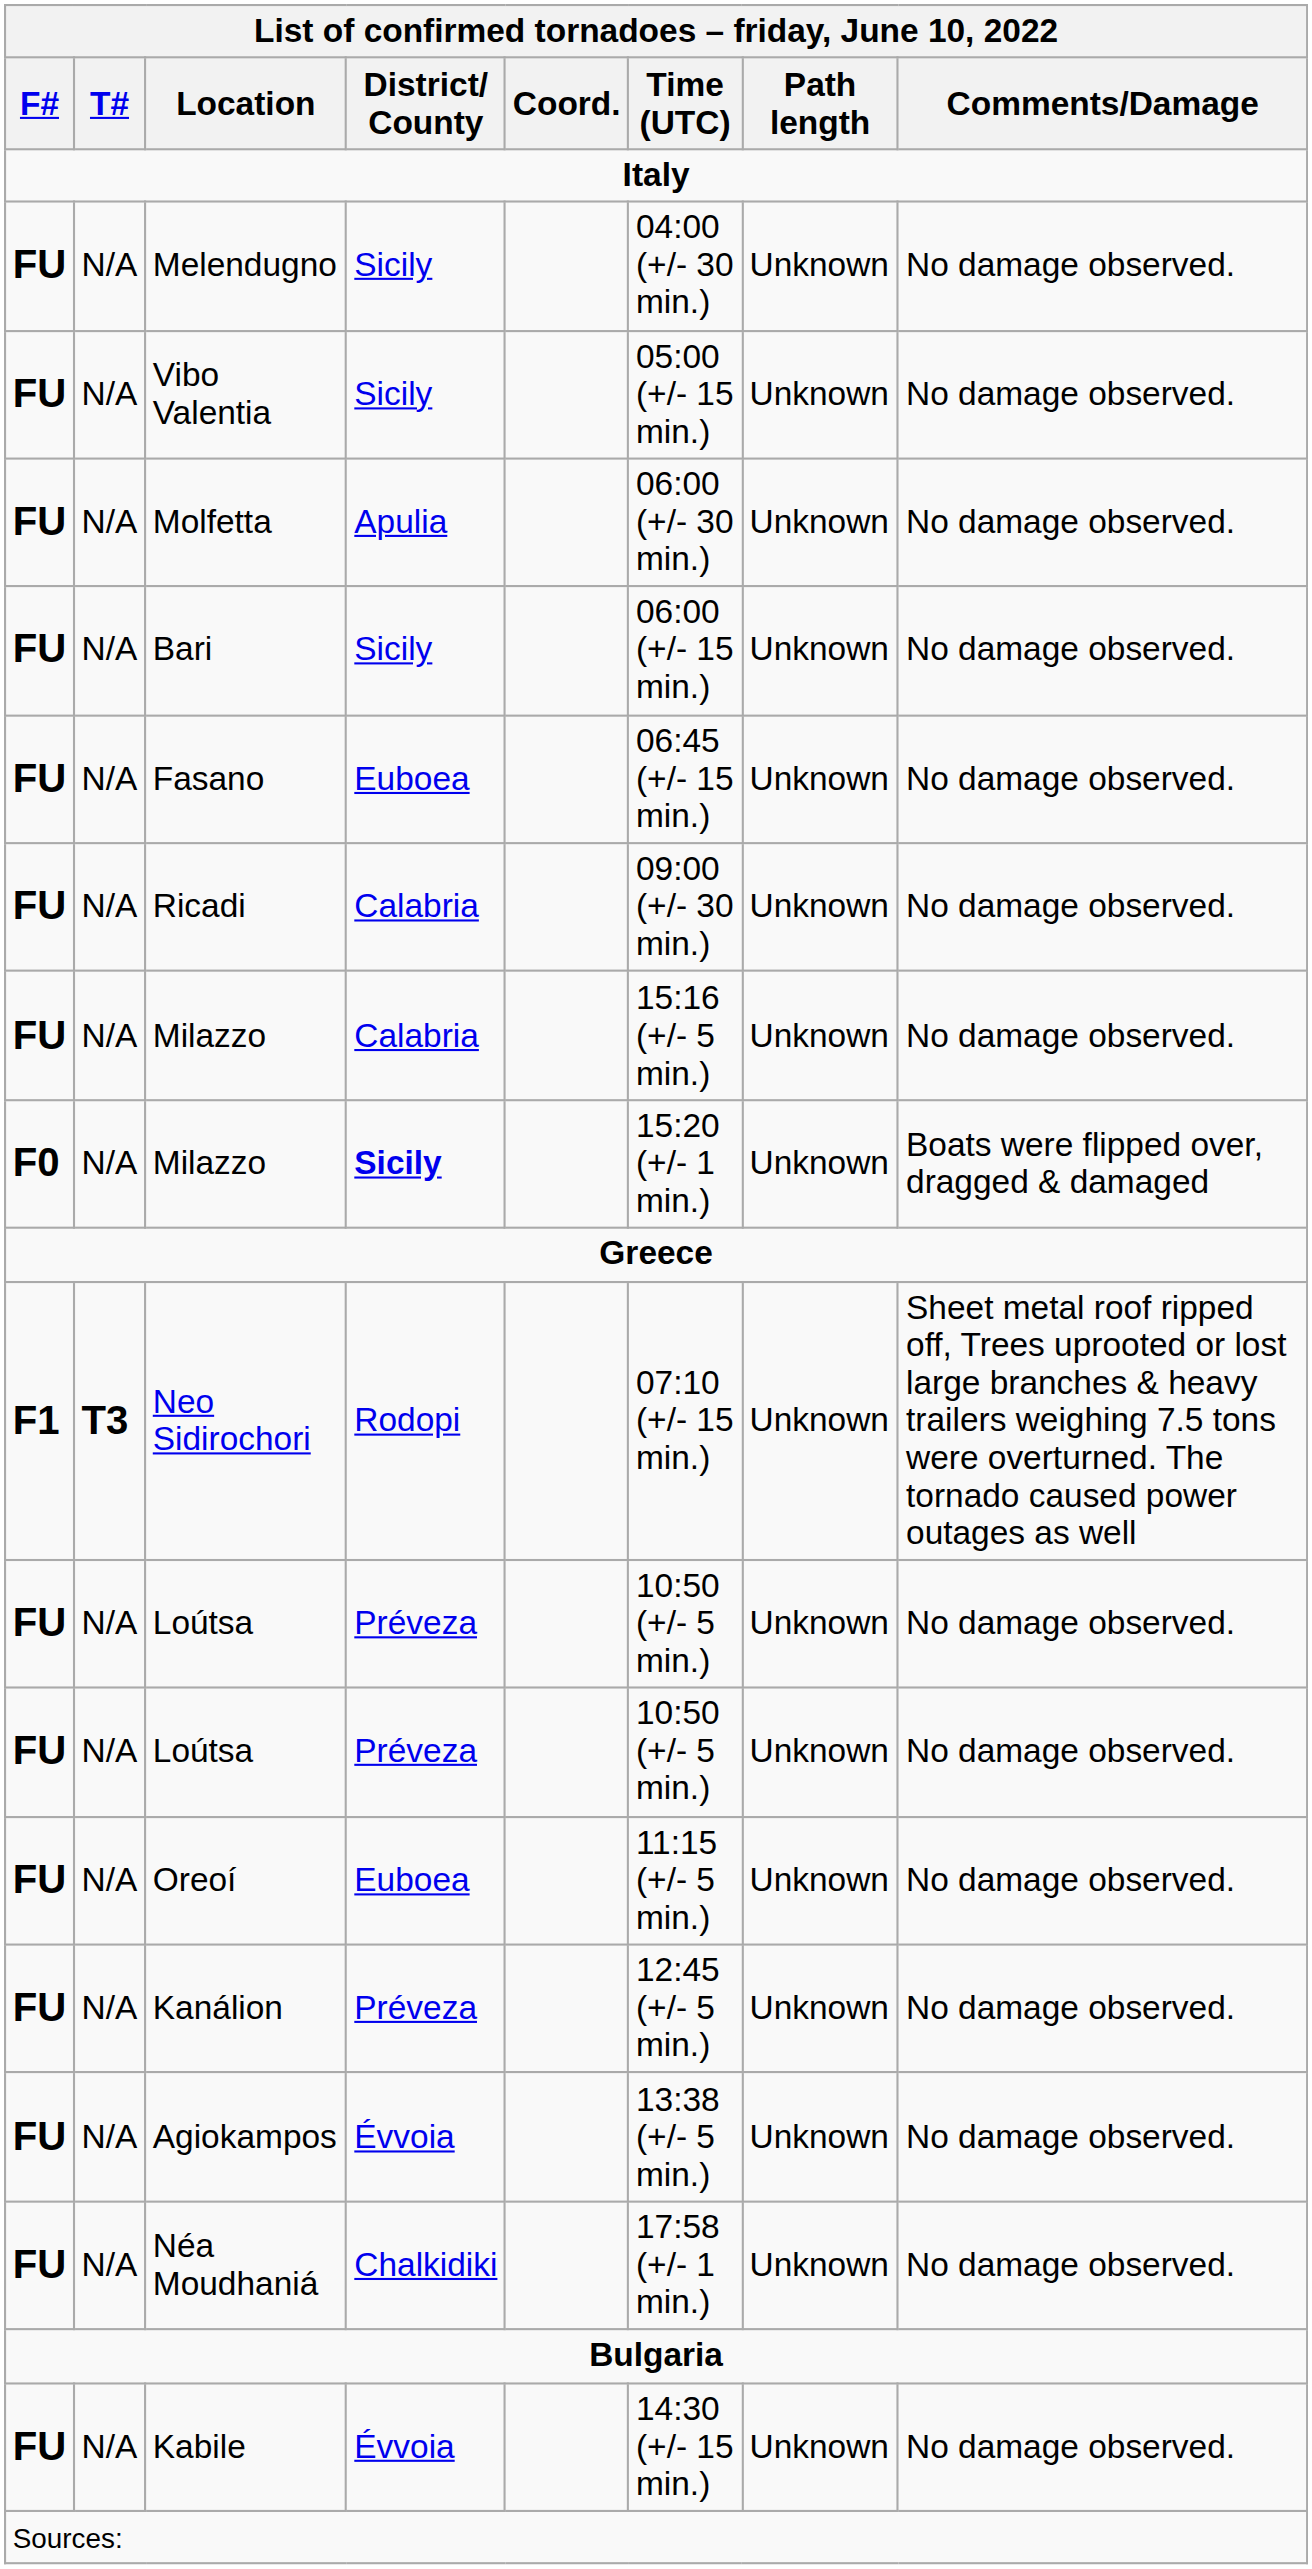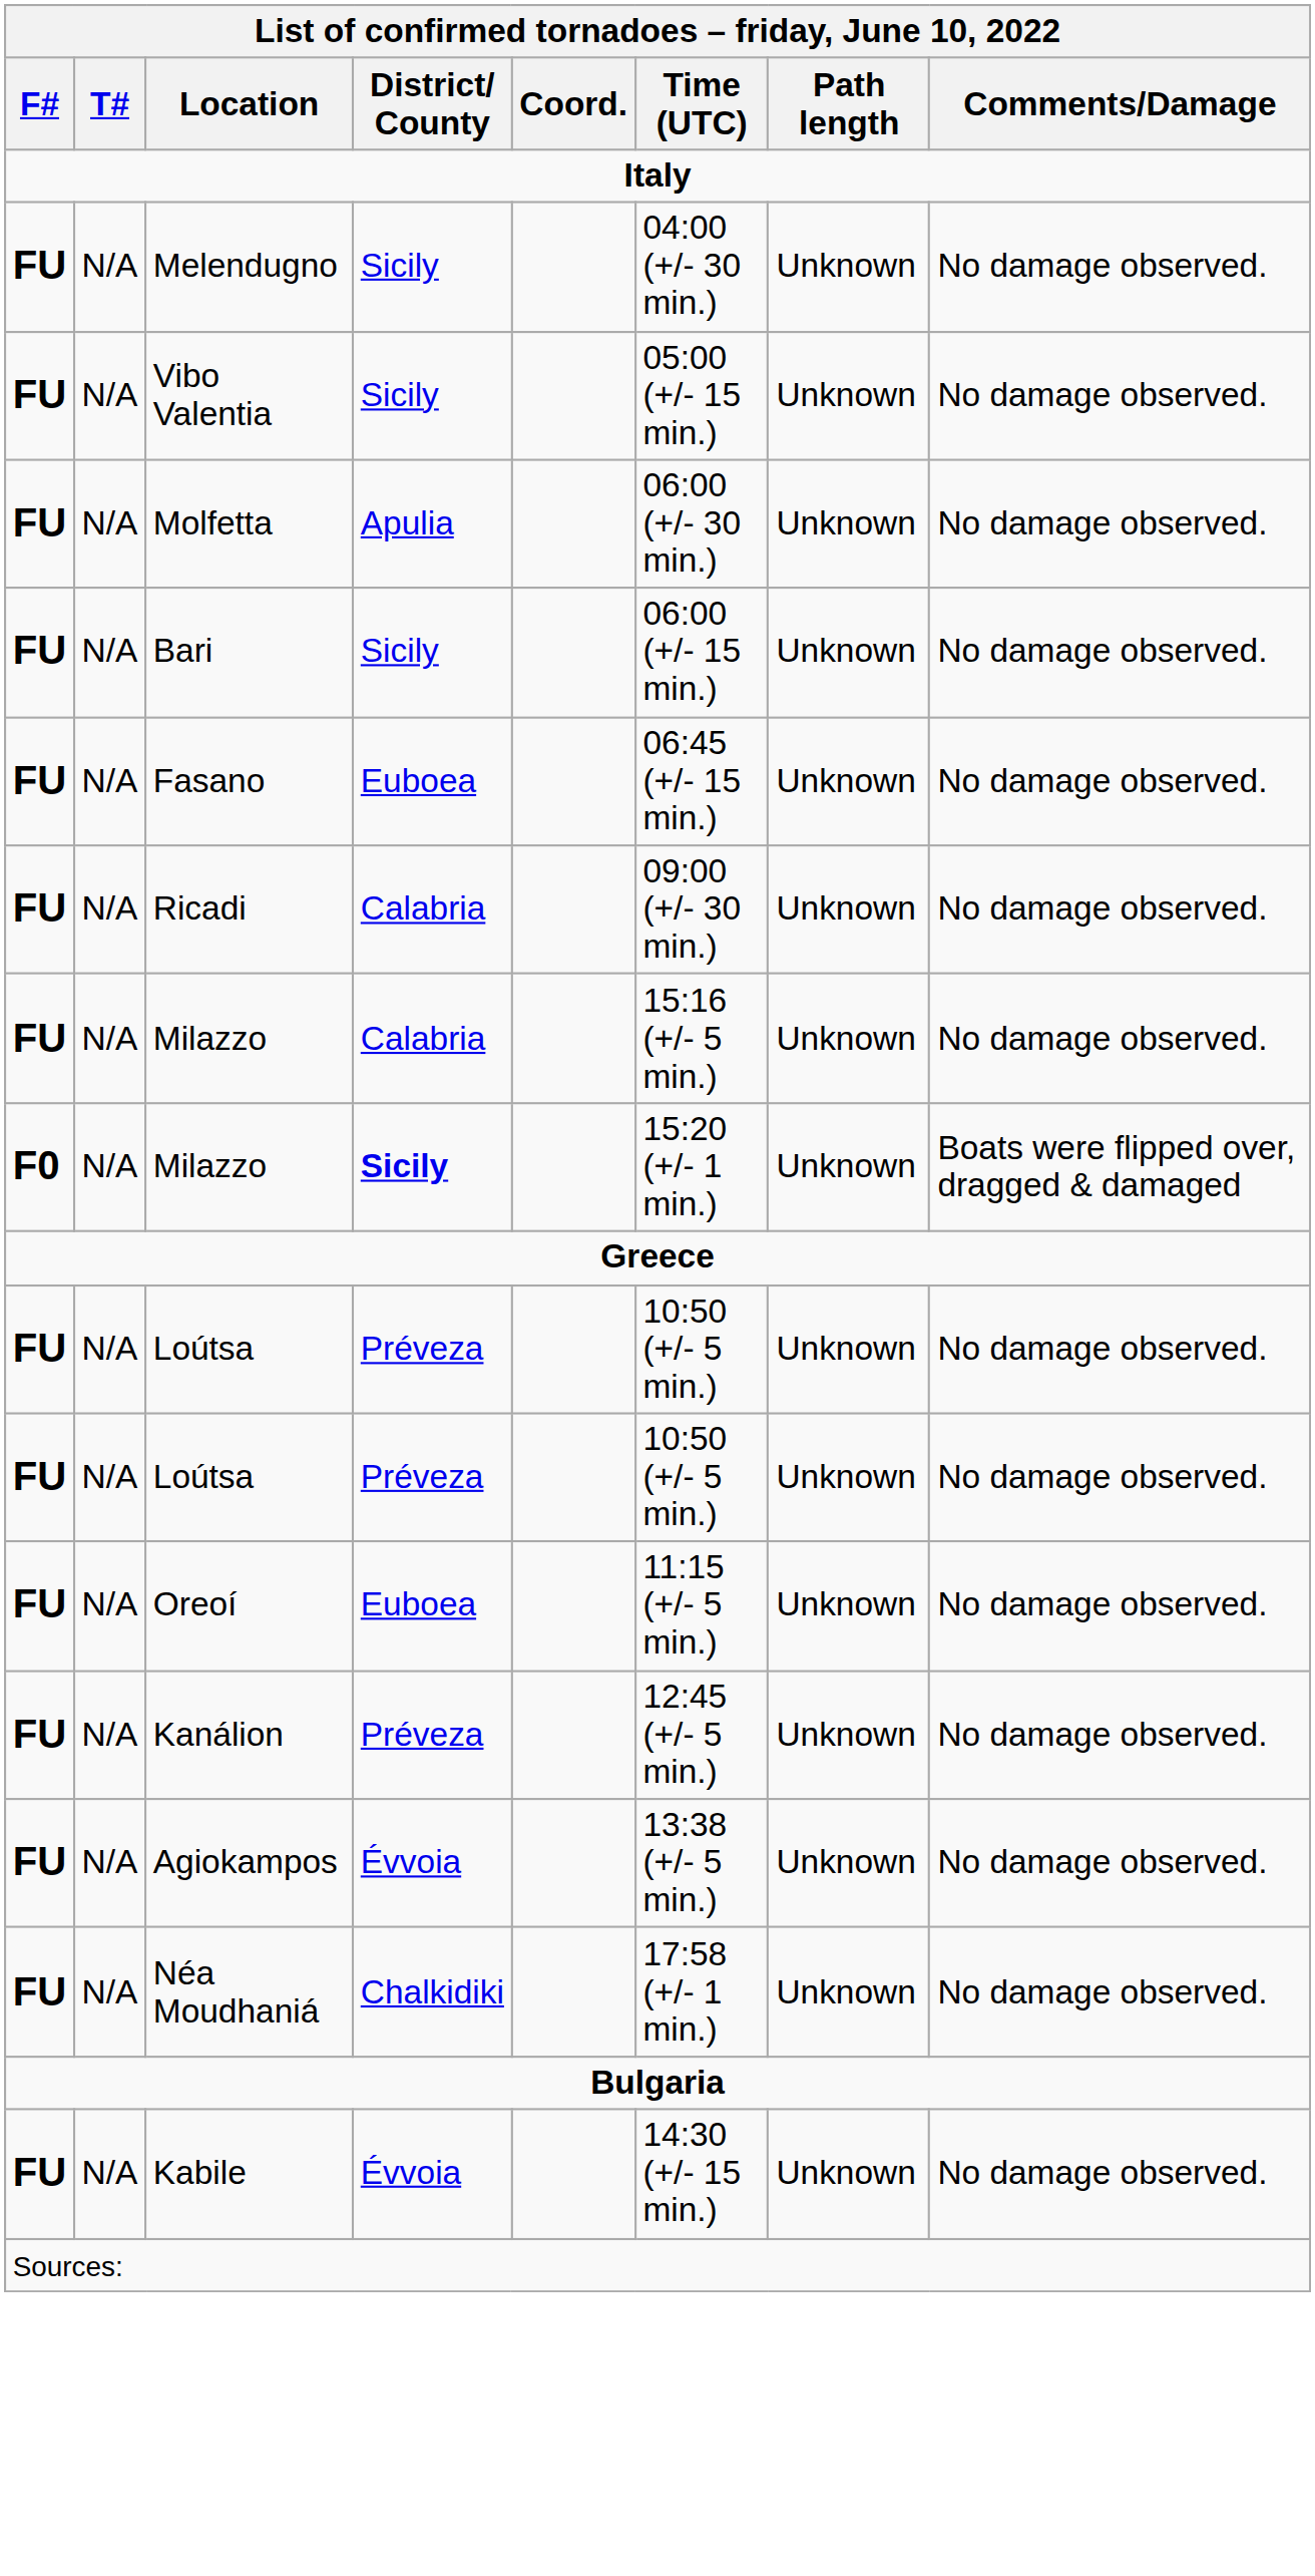 <table class="wikitable collapsible" width="100%">
 <tr>
 <th colspan="8">List of confirmed tornadoes – friday, June 10, 2022</th>
 </tr>
 <tr>
 <th><a href='#'>F#</a></th>
 <th><a href='#'>T#</a></th>
 <th>Location</th>
 <th>District/<br>County</th>
 <th>Coord.</th>
 <th>Time (UTC)</th>
 <th>Path length</th>
 <th>Comments/Damage</th>
 </tr>
 <tr>
 <td colspan="8" align=center><strong>Italy</strong></td>
 </tr>
 <tr>
 <td><big><strong>FU</strong></big></td>
 <td>N/A</td>
 <td>Melendugno</td>
 <td><a href='#'>Sicily</a></td>
 <td></td>
 <td>04:00 (+/- 30 min.)</td>
 <td>Unknown</td>
 <td>No damage observed.</td>
 </tr>
 <tr>
 <td><big><strong>FU</strong></big></td>
 <td>N/A</td>
 <td>Vibo Valentia</td>
 <td><a href='#'>Sicily</a></td>
 <td></td>
 <td>05:00 (+/- 15 min.)</td>
 <td>Unknown</td>
 <td>No damage observed.</td>
 </tr>
 <tr>
 <td><big><strong>FU</strong></big></td>
 <td>N/A</td>
 <td>Molfetta</td>
 <td><a href='#'>Apulia</a></td>
 <td></td>
 <td>06:00 (+/- 30 min.)</td>
 <td>Unknown</td>
 <td>No damage observed.</td>
 </tr>
 <tr>
 <td><big><strong>FU</strong></big></td>
 <td>N/A</td>
 <td>Bari</td>
 <td><a href='#'>Sicily</a></td>
 <td></td>
 <td>06:00 (+/- 15 min.)</td>
 <td>Unknown</td>
 <td>No damage observed.</td>
 </tr>
 <tr>
 <td><big><strong>FU</strong></big></td>
 <td>N/A</td>
 <td>Fasano</td>
 <td><a href='#'>Euboea</a></td>
 <td></td>
 <td>06:45 (+/- 15 min.)</td>
 <td>Unknown</td>
 <td>No damage observed.</td>
 </tr>
 <tr>
 <td><big><strong>FU</strong></big></td>
 <td>N/A</td>
 <td>Ricadi</td>
 <td><a href='#'>Calabria</a></td>
 <td></td>
 <td>09:00 (+/- 30 min.)</td>
 <td>Unknown</td>
 <td>No damage observed.</td>
 </tr>
 <tr>
 <td><big><strong>FU</strong></big></td>
 <td>N/A</td>
 <td>Milazzo</td>
 <td><a href='#'>Calabria</a></td>
 <td></td>
 <td>15:16 (+/- 5 min.)</td>
 <td>Unknown</td>
 <td>No damage observed.</td>
 </tr>
 <tr>
 <td><big><strong>F0</strong></big></td>
 <td>N/A</td>
 <td>Milazzo</td>
 <td><strong><a href='#'>Sicily</a></strong></td>
 <td></td>
 <td>15:20 (+/- 1 min.)</td>
 <td>Unknown</td>
 <td>Boats were flipped over, dragged & damaged</td>
 </tr>
 <tr>
 <td colspan="8" align=center><strong>Greece</strong></td>
 </tr>
 <tr>
-<td><big><strong>F1</strong></big></td>
-<td><big><strong>T3</strong></big></td>
-<td><a href='#'>Neo Sidirochori</a></td>
-<td><a href='#'>Rodopi</a></td>
-<td></td>
-<td>07:10 (+/- 15 min.)</td>
-<td>Unknown</td>
-<td>Sheet metal roof ripped off, Trees uprooted or lost large branches & heavy trailers weighing 7.5 tons were overturned. The tornado caused power outages as well</td>
-</tr>
-<tr>
 <td><big><strong>FU</strong></big></td>
 <td>N/A</td>
 <td>Loútsa</td>
 <td><a href='#'>Préveza</a></td>
 <td></td>
 <td>10:50 (+/- 5 min.)</td>
 <td>Unknown</td>
 <td>No damage observed.</td>
 </tr>
 <tr>
 <td><big><strong>FU</strong></big></td>
 <td>N/A</td>
 <td>Loútsa</td>
 <td><a href='#'>Préveza</a></td>
 <td></td>
 <td>10:50 (+/- 5 min.)</td>
 <td>Unknown</td>
 <td>No damage observed.</td>
 </tr>
 <tr>
 <td><big><strong>FU</strong></big></td>
 <td>N/A</td>
 <td>Oreoí</td>
 <td><a href='#'>Euboea</a></td>
 <td></td>
 <td>11:15 (+/- 5 min.)</td>
 <td>Unknown</td>
 <td>No damage observed.</td>
 </tr>
 <tr>
 <td><big><strong>FU</strong></big></td>
 <td>N/A</td>
 <td>Kanálion</td>
 <td><a href='#'>Préveza</a></td>
 <td></td>
 <td>12:45 (+/- 5 min.)</td>
 <td>Unknown</td>
 <td>No damage observed.</td>
 </tr>
 <tr>
 <td><big><strong>FU</strong></big></td>
 <td>N/A</td>
 <td>Agiokampos</td>
 <td><a href='#'>Évvoia</a></td>
 <td></td>
 <td>13:38 (+/- 5 min.)</td>
 <td>Unknown</td>
 <td>No damage observed.</td>
 </tr>
 <tr>
 <td><big><strong>FU</strong></big></td>
 <td>N/A</td>
 <td>Néa Moudhaniá</td>
 <td><a href='#'>Chalkidiki</a></td>
 <td></td>
 <td>17:58 (+/- 1 min.)</td>
 <td>Unknown</td>
 <td>No damage observed.</td>
 </tr>
 <tr>
 <td colspan="8" align=center><strong>Bulgaria</strong></td>
 </tr>
 <tr>
 <td><big><strong>FU</strong></big></td>
 <td>N/A</td>
 <td>Kabile</td>
 <td><a href='#'>Évvoia</a></td>
 <td></td>
 <td>14:30 (+/- 15 min.)</td>
 <td>Unknown</td>
 <td>No damage observed.</td>
 </tr>
 <tr>
 <td colspan="8"><small>Sources:  </small></td>
 </tr>
 </table>
